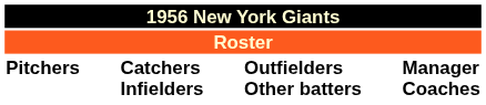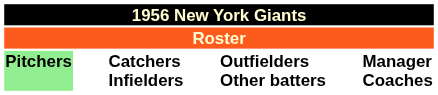 <table class="toccolours" style="font-size: 95%;">
 <tr>
 <th colspan="10" style="background-color: black; color: #FFFDD0; text-align: center;">1956 New York Giants</th>
 </tr>
 <tr>
 <td colspan="10" style="background-color: #fd5a1e; color: #FFFDD0; text-align: center;"><strong>Roster</strong></td>
 </tr>
 <tr>
-<td valign="top"><strong>Pitchers</strong><br>               </td>
+<td valign="top" style="background: lightgreen;"><strong>Pitchers</strong><br>               </td>
 <td width="25px"></td>
 <td valign="top"><strong>Catchers</strong><br>     <strong>Infielders</strong>          </td>
 <td width="25px"></td>
 <td valign="top"><strong>Outfielders</strong><br>        <strong>Other batters</strong> </td>
 <td width="25px"></td>
 <td valign="top"><strong>Manager</strong><br> <strong>Coaches</strong>   </td>
 </tr>
 <tr>
 </tr>
 </table>
